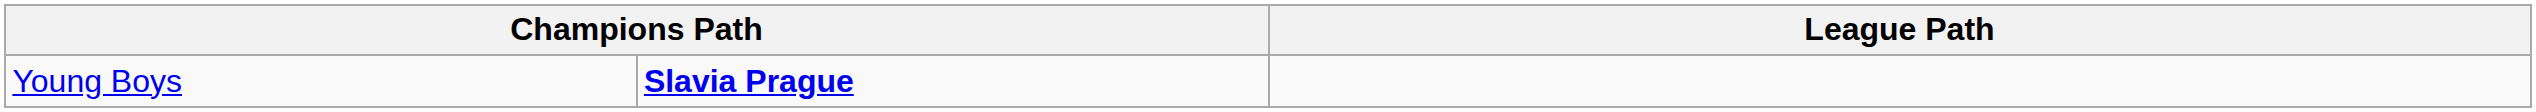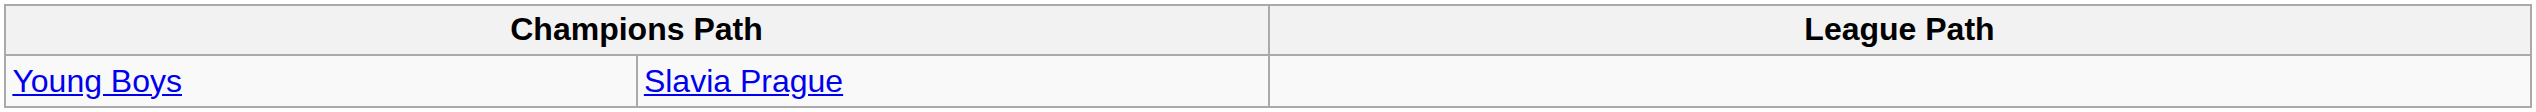 <table class="wikitable" style="table-layout:fixed;width:100%;">
 <tr>
 <th colspan="2">Champions Path</th>
 <th colspan="2">League Path</th>
 </tr>
 <tr>
 <td width=25%> <a href='#'>Young Boys</a> </td>
-<td width=25%><strong> <a href='#'>Slavia Prague</a> </strong></td>
+<td width=25%> <a href='#'>Slavia Prague</a> </td>
 <td width=50% colspan="2"></td>
 </tr>
 </table>
